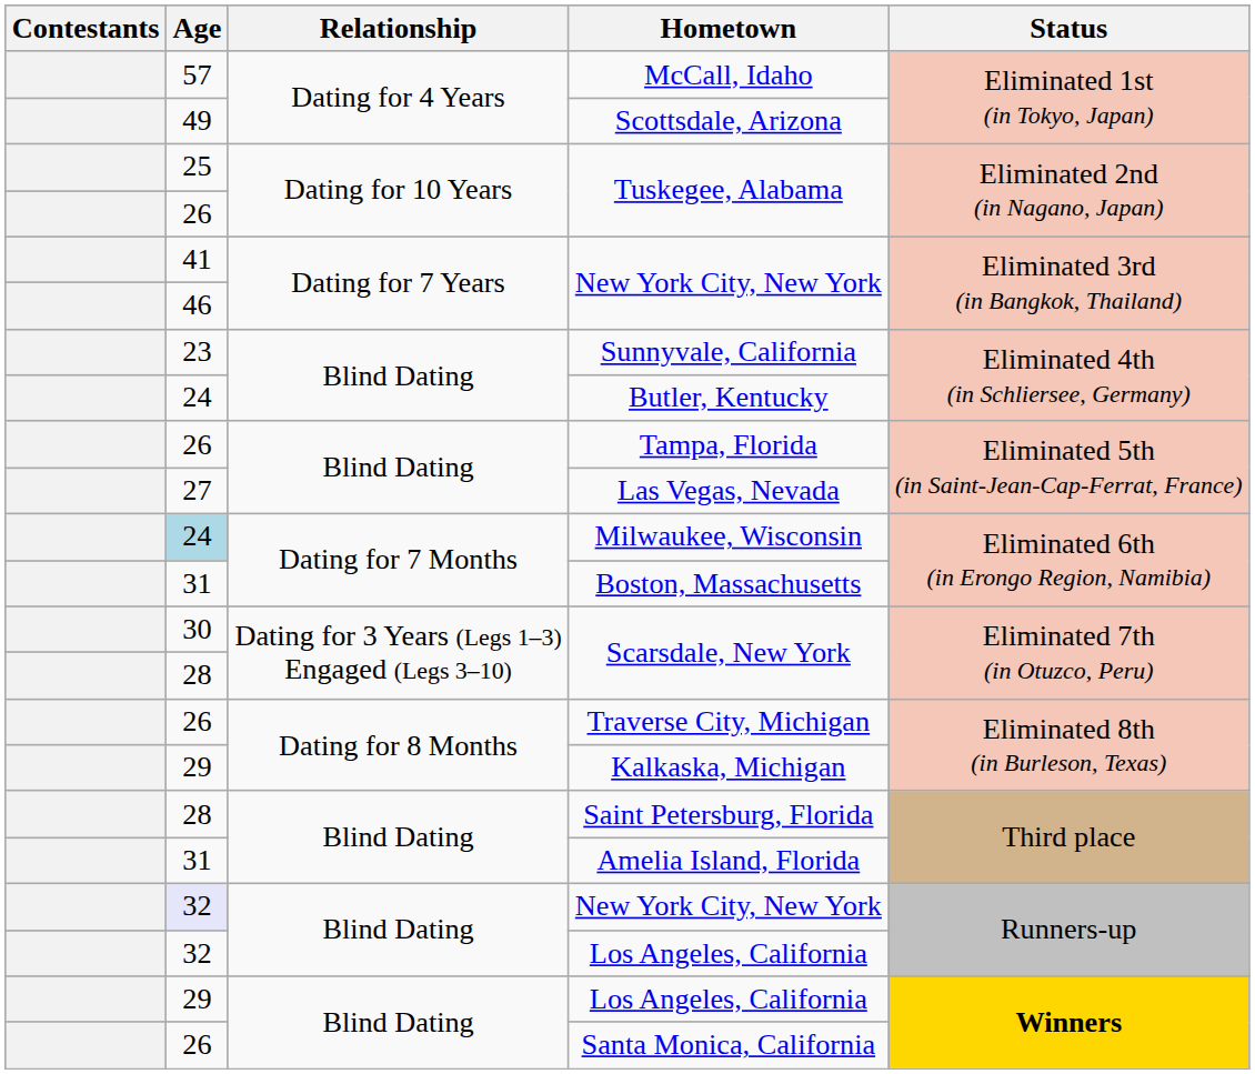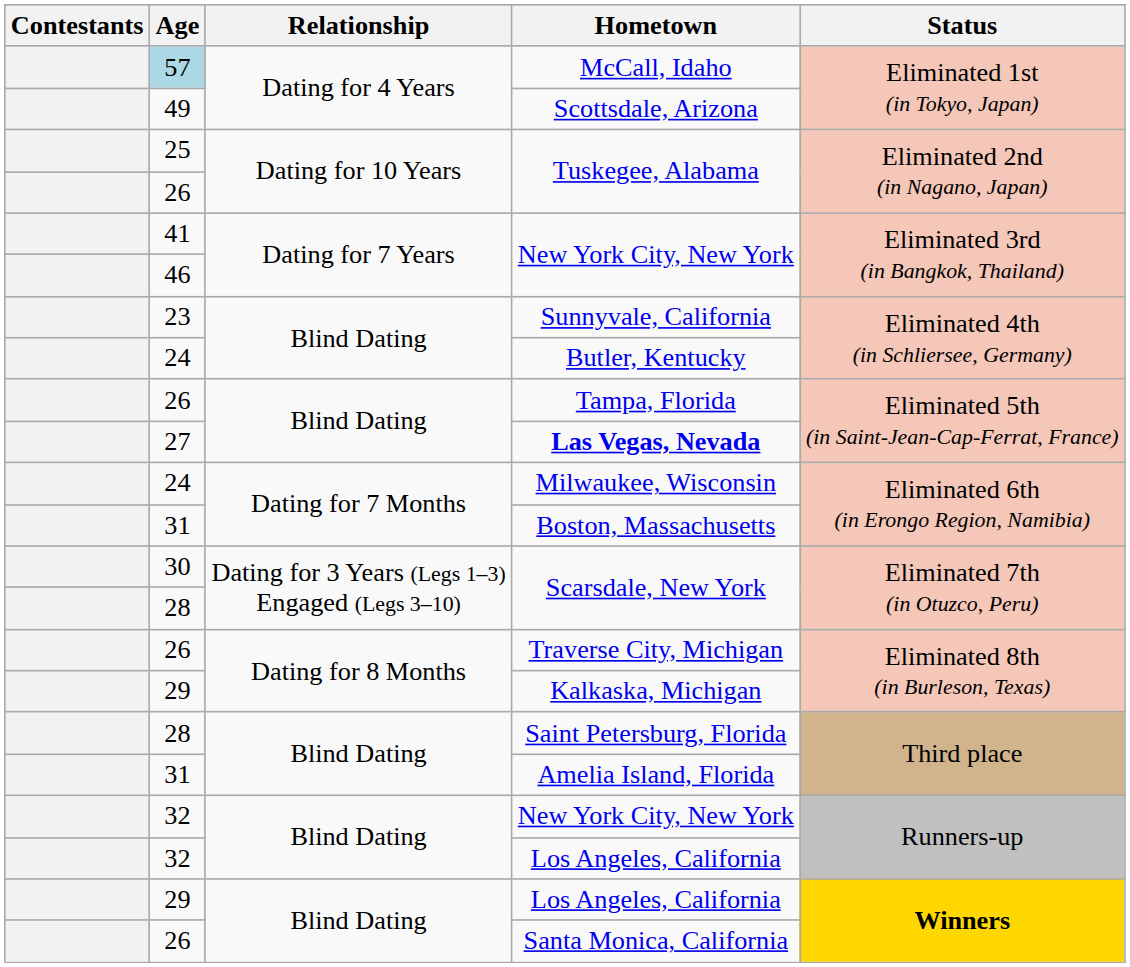 <table class="wikitable sortable" style="text-align:center;">
 <tr>
 <th scope="col">Contestants</th>
 <th scope="col">Age</th>
 <th class="unsortable" scope="col">Relationship</th>
 <th scope="col" class="unsortable">Hometown</th>
 <th scope="col">Status</th>
 </tr>
 <tr>
 <th scope="row"></th>
-<td>57</td>
+<td style="background: lightblue;">57</td>
 <td rowspan="2">Dating for 4 Years<br><em></em></td>
 <td><a href='#'>McCall, Idaho</a></td>
 <td rowspan="2" bgcolor="f4c7b8">Eliminated 1st<br><small><em>(in Tokyo, Japan)</em></small></td>
 </tr>
 <tr>
 <th scope="row"></th>
 <td>49</td>
 <td><a href='#'>Scottsdale, Arizona</a></td>
 </tr>
 <tr>
 <th scope="row"></th>
 <td>25</td>
 <td rowspan="2">Dating for 10 Years<br><em></em></td>
 <td rowspan="2"><a href='#'>Tuskegee, Alabama</a></td>
 <td rowspan="2" bgcolor="f4c7b8">Eliminated 2nd<br><small><em>(in Nagano, Japan)</em></small></td>
 </tr>
 <tr>
 <th scope="row"></th>
 <td>26</td>
 </tr>
 <tr>
 <th scope="row"></th>
 <td>41</td>
 <td rowspan="2">Dating for 7 Years<br><em></em></td>
 <td rowspan="2"><a href='#'>New York City, New York</a></td>
 <td rowspan="2" bgcolor="f4c7b8">Eliminated 3rd<br><small><em>(in Bangkok, Thailand)</em></small></td>
 </tr>
 <tr>
 <th scope="row"></th>
 <td>46</td>
 </tr>
 <tr>
 <th scope="row"></th>
 <td>23</td>
 <td rowspan="2">Blind Dating<br><em></em></td>
 <td><a href='#'>Sunnyvale, California</a></td>
 <td rowspan="2" bgcolor="f4c7b8">Eliminated 4th<br><small><em>(in Schliersee, Germany)</em></small></td>
 </tr>
 <tr>
 <th scope="row"></th>
 <td>24</td>
 <td><a href='#'>Butler, Kentucky</a></td>
 </tr>
 <tr>
 <th scope="row"></th>
 <td>26</td>
 <td rowspan="2">Blind Dating<br><em></em></td>
 <td><a href='#'>Tampa, Florida</a></td>
 <td rowspan="2" bgcolor="f4c7b8">Eliminated 5th<br><small><em>(in Saint-Jean-Cap-Ferrat, France)</em></small></td>
 </tr>
 <tr>
 <th scope="row"></th>
 <td>27</td>
-<td><a href='#'>Las Vegas, Nevada</a></td>
+<td><strong><a href='#'>Las Vegas, Nevada</a></strong></td>
 </tr>
 <tr>
 <th scope="row"></th>
-<td style="background: lightblue;">24</td>
+<td>24</td>
 <td rowspan="2">Dating for 7 Months<br><em></em></td>
 <td><a href='#'>Milwaukee, Wisconsin</a></td>
 <td rowspan="2" bgcolor="f4c7b8">Eliminated 6th<br><small><em>(in Erongo Region, Namibia)</em></small></td>
 </tr>
 <tr>
 <th scope="row"></th>
 <td>31</td>
 <td><a href='#'>Boston, Massachusetts</a></td>
 </tr>
 <tr>
 <th scope="row"></th>
 <td>30</td>
 <td rowspan="2">Dating for 3 Years <small>(Legs 1–3)</small><br>Engaged <small>(Legs 3–10)</small><br><em></em></td>
 <td rowspan="2"><a href='#'>Scarsdale, New York</a></td>
 <td rowspan="2" bgcolor="f4c7b8">Eliminated 7th<br><small><em>(in Otuzco, Peru)</em></small></td>
 </tr>
 <tr>
 <th scope="row"></th>
 <td>28</td>
 </tr>
 <tr>
 <th scope="row"></th>
 <td>26</td>
 <td rowspan="2">Dating for 8 Months<br><em></em></td>
 <td><a href='#'>Traverse City, Michigan</a></td>
 <td rowspan="2" bgcolor="f4c7b8">Eliminated 8th<br><small><em>(in Burleson, Texas)</em></small></td>
 </tr>
 <tr>
 <th scope="row"></th>
 <td>29</td>
 <td><a href='#'>Kalkaska, Michigan</a></td>
 </tr>
 <tr>
 <th scope="row"></th>
 <td>28</td>
 <td rowspan="2">Blind Dating<br><em></em></td>
 <td><a href='#'>Saint Petersburg, Florida</a></td>
 <td rowspan="2" bgcolor="tan">Third place</td>
 </tr>
 <tr>
 <th scope="row"></th>
 <td>31</td>
 <td><a href='#'>Amelia Island, Florida</a></td>
 </tr>
 <tr>
 <th scope="row"></th>
-<td style="background: lavender;">32</td>
+<td>32</td>
 <td rowspan="2">Blind Dating<br><em></em></td>
 <td><a href='#'>New York City, New York</a></td>
 <td rowspan="2" bgcolor="silver">Runners-up</td>
 </tr>
 <tr>
 <th scope="row"></th>
 <td>32</td>
 <td><a href='#'>Los Angeles, California</a></td>
 </tr>
 <tr>
 <th scope="row"></th>
 <td>29</td>
 <td rowspan="2">Blind Dating<br><em></em></td>
 <td><a href='#'>Los Angeles, California</a></td>
 <td rowspan="2" bgcolor="gold"><strong>Winners</strong></td>
 </tr>
 <tr>
 <th scope="row"></th>
 <td>26</td>
 <td><a href='#'>Santa Monica, California</a></td>
 </tr>
 </table>
